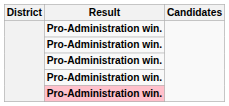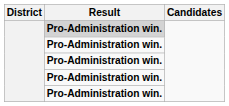 <table class=wikitable>
 <tr valign=bottom>
 <th>District</th>
 <th>Result</th>
 <th>Candidates</th>
 </tr>
 <tr>
 <th rowspan=5><br></th>
-<td><strong>Pro-Administration win.</strong></td>
+<td style="background: lightgrey;"><strong>Pro-Administration win.</strong></td>
 <td rowspan=5 nowrap></td>
 </tr>
 <tr>
 <td><strong>Pro-Administration win.</strong></td>
 </tr>
 <tr>
 <td><strong>Pro-Administration win.</strong></td>
 </tr>
 <tr>
 <td><strong>Pro-Administration win.</strong></td>
 </tr>
 <tr>
-<td style="background: pink;"><strong>Pro-Administration win.</strong></td>
+<td><strong>Pro-Administration win.</strong></td>
 </tr>
 </table>
